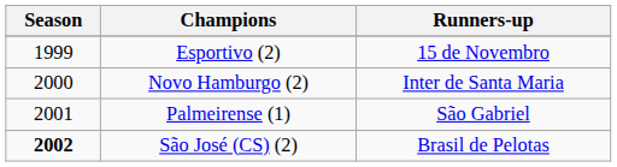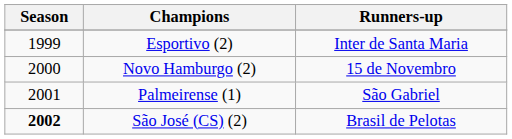 <table class="wikitable" style="text-align:center; margin-left:1em;">
 <tr>
 <th style="width:70px">Season</th>
 <th style="width:200px">Champions</th>
 <th style="width:200px">Runners-up</th>
 </tr>
 <tr>
 </tr>
 <tr>
 <td>1999</td>
 <td><a href='#'>Esportivo</a> (2)</td>
-<td><a href='#'>15 de Novembro</a></td>
+<td><a href='#'>Inter de Santa Maria</a></td>
 </tr>
 <tr>
 <td>2000</td>
 <td><a href='#'>Novo Hamburgo</a> (2)</td>
-<td><a href='#'>Inter de Santa Maria</a></td>
+<td><a href='#'>15 de Novembro</a></td>
 </tr>
 <tr>
 <td>2001</td>
 <td><a href='#'>Palmeirense</a> (1)</td>
 <td><a href='#'>São Gabriel</a></td>
 </tr>
 <tr>
 <td><strong>2002</strong></td>
 <td><a href='#'>São José (CS)</a> (2)</td>
 <td><a href='#'>Brasil de Pelotas</a></td>
 </tr>
 </table>
